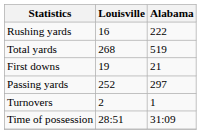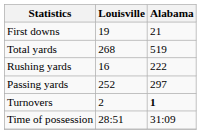 <table class="wikitable" style="float: left;">
 <tr>
 <th>Statistics</th>
 <th>Louisville</th>
 <th>Alabama</th>
 </tr>
 <tr>
-<td>Rushing yards</td>
-<td>16</td>
-<td>222</td>
+<td>First downs</td>
+<td>19</td>
+<td>21</td>
 </tr>
 <tr>
 <td>Total yards</td>
 <td>268</td>
 <td>519</td>
 </tr>
 <tr>
-<td>First downs</td>
-<td>19</td>
-<td>21</td>
+<td>Rushing yards</td>
+<td>16</td>
+<td>222</td>
 </tr>
 <tr>
 <td>Passing yards</td>
 <td>252</td>
 <td>297</td>
 </tr>
 <tr>
 <td>Turnovers</td>
 <td>2</td>
-<td>1</td>
+<td><strong>1</strong></td>
 </tr>
 <tr>
 <td>Time of possession</td>
 <td>28:51</td>
 <td>31:09</td>
 </tr>
 <tr>
 </tr>
 </table>
